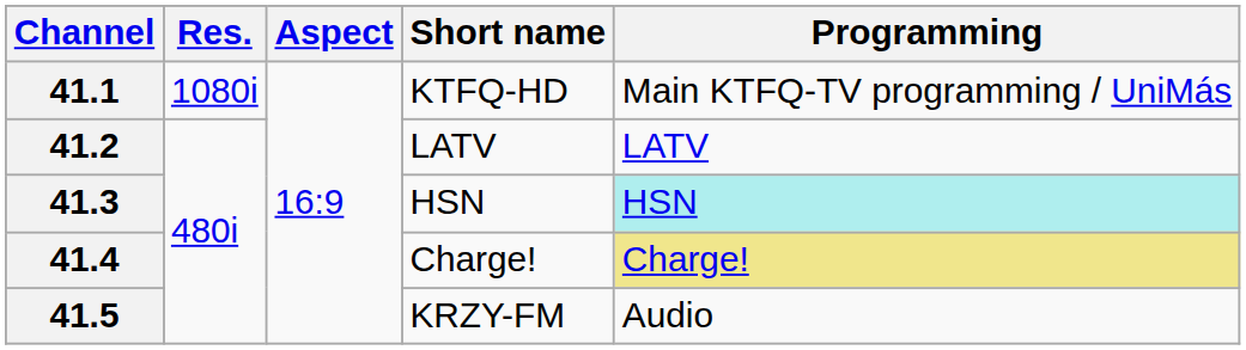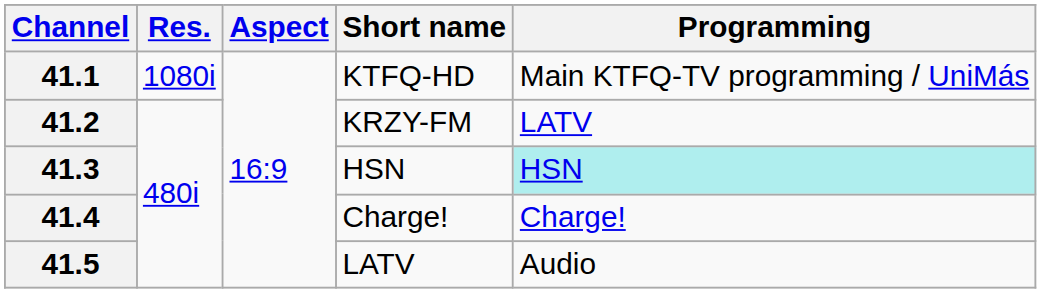 <table class="wikitable">
 <tr>
 <th><a href='#'>Channel</a></th>
 <th><a href='#'>Res.</a></th>
 <th><a href='#'>Aspect</a></th>
 <th>Short name</th>
 <th>Programming</th>
 </tr>
 <tr>
 <th scope = "row">41.1</th>
 <td><a href='#'>1080i</a></td>
 <td rowspan=5><a href='#'>16:9</a></td>
 <td>KTFQ-HD</td>
 <td>Main KTFQ-TV programming / <a href='#'>UniMás</a></td>
 </tr>
 <tr>
 <th scope = "row">41.2</th>
 <td rowspan=4><a href='#'>480i</a></td>
-<td>LATV</td>
+<td>KRZY-FM</td>
 <td><a href='#'>LATV</a></td>
 </tr>
 <tr>
 <th scope = "row">41.3</th>
 <td>HSN</td>
 <td style="background: paleturquoise;"><a href='#'>HSN</a></td>
 </tr>
 <tr>
 <th scope = "row">41.4</th>
 <td>Charge!</td>
-<td style="background: khaki;"><a href='#'>Charge!</a></td>
+<td><a href='#'>Charge!</a></td>
 </tr>
 <tr>
 <th scope = "row">41.5</th>
-<td>KRZY-FM</td>
+<td>LATV</td>
 <td>Audio</td>
 </tr>
 </table>
